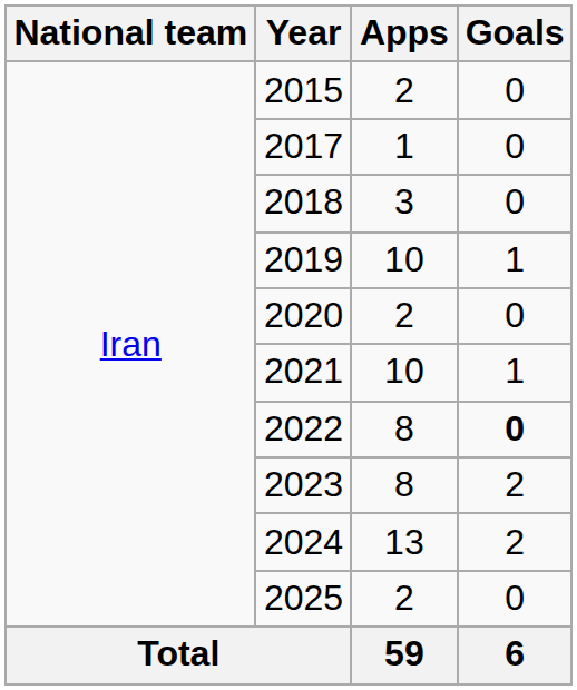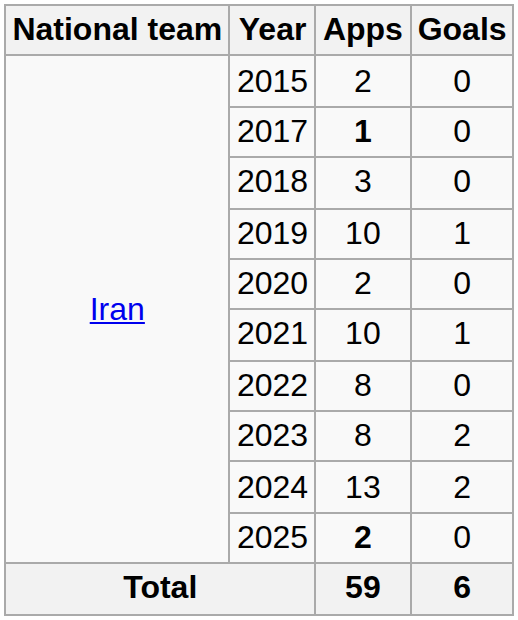 <table class="wikitable" style="text-align:center">
 <tr>
 <th>National team</th>
 <th>Year</th>
 <th>Apps</th>
 <th>Goals</th>
 </tr>
 <tr>
 <td rowspan="10"><a href='#'>Iran</a></td>
 <td>2015</td>
 <td>2</td>
 <td>0</td>
 </tr>
 <tr>
 <td>2017</td>
-<td>1</td>
+<td><strong>1</strong></td>
 <td>0</td>
 </tr>
 <tr>
 <td>2018</td>
 <td>3</td>
 <td>0</td>
 </tr>
 <tr>
 <td>2019</td>
 <td>10</td>
 <td>1</td>
 </tr>
 <tr>
 <td>2020</td>
 <td>2</td>
 <td>0</td>
 </tr>
 <tr>
 <td>2021</td>
 <td>10</td>
 <td>1</td>
 </tr>
 <tr>
 <td>2022</td>
 <td>8</td>
-<td><strong>0</strong></td>
+<td>0</td>
 </tr>
 <tr>
 <td>2023</td>
 <td>8</td>
 <td>2</td>
 </tr>
 <tr>
 <td>2024</td>
 <td>13</td>
 <td>2</td>
 </tr>
 <tr>
 <td>2025</td>
-<td>2</td>
+<td><strong>2</strong></td>
 <td>0</td>
 </tr>
 <tr>
 <th colspan="2">Total</th>
 <th>59</th>
 <th>6</th>
 </tr>
 </table>
